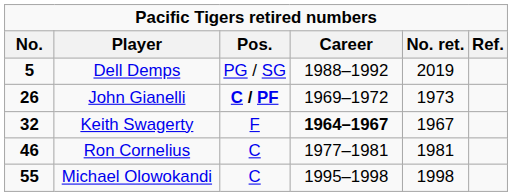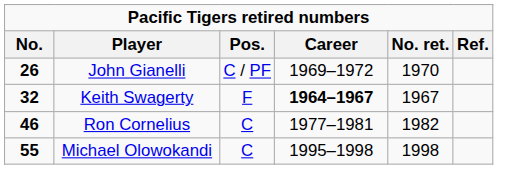 <table class="wikitable sortable" style="text-align:center">
 <tr>
 <td colspan=6><strong>Pacific Tigers retired numbers</strong></td>
 </tr>
 <tr>
 <th width=40px>No.</th>
 <th width=150px>Player</th>
 <th width=px>Pos.</th>
 <th width=100px>Career</th>
 <th width=px>No. ret.</th>
 <th width=px>Ref.</th>
 </tr>
 <tr>
-<td><strong>5</strong></td>
-<td><a href='#'>Dell Demps</a></td>
-<td><a href='#'>PG</a> / <a href='#'>SG</a></td>
-<td>1988–1992</td>
-<td>2019</td>
-<td></td>
-</tr>
-<tr>
 <td><strong>26</strong></td>
 <td><a href='#'>John Gianelli</a></td>
-<td><strong><a href='#'>C</a> / <a href='#'>PF</a></strong></td>
+<td><a href='#'>C</a> / <a href='#'>PF</a></td>
 <td>1969–1972</td>
-<td>1973</td>
+<td>1970</td>
 <td></td>
 </tr>
 <tr>
 <td><strong>32</strong></td>
 <td><a href='#'>Keith Swagerty</a></td>
 <td><a href='#'>F</a></td>
 <td><strong>1964–1967</strong></td>
 <td>1967</td>
 <td></td>
 </tr>
 <tr>
 <td><strong>46</strong></td>
 <td><a href='#'>Ron Cornelius</a></td>
 <td><a href='#'>C</a></td>
 <td>1977–1981</td>
-<td>1981</td>
+<td>1982</td>
 <td></td>
 </tr>
 <tr>
 <td><strong>55</strong></td>
 <td><a href='#'>Michael Olowokandi</a></td>
 <td><a href='#'>C</a></td>
 <td>1995–1998</td>
 <td>1998</td>
 <td></td>
 </tr>
 </table>
